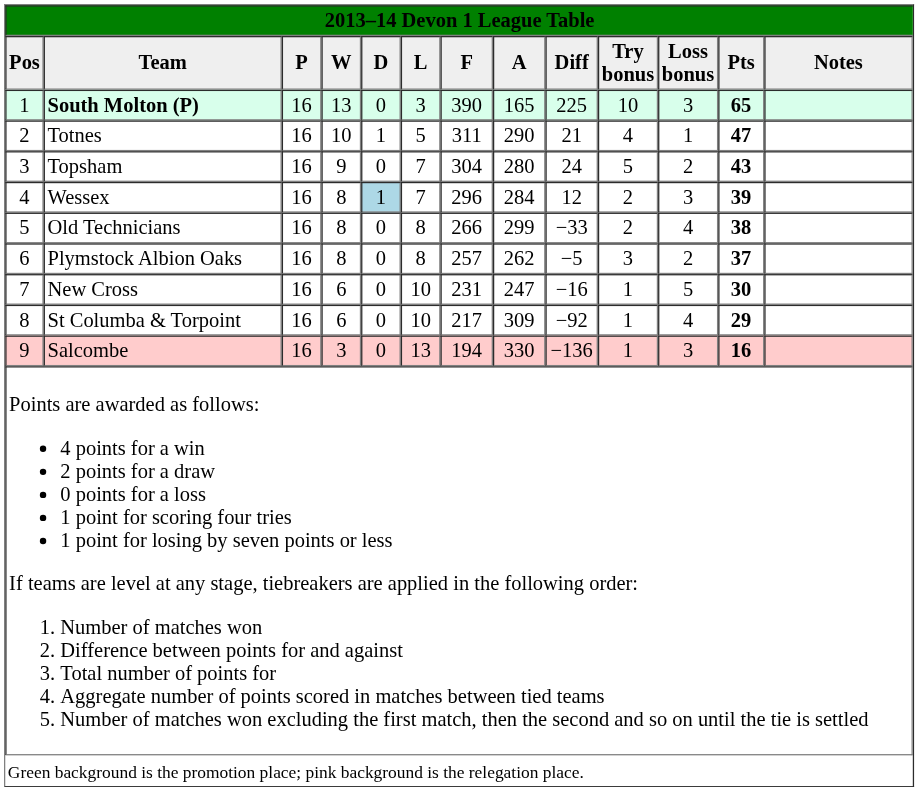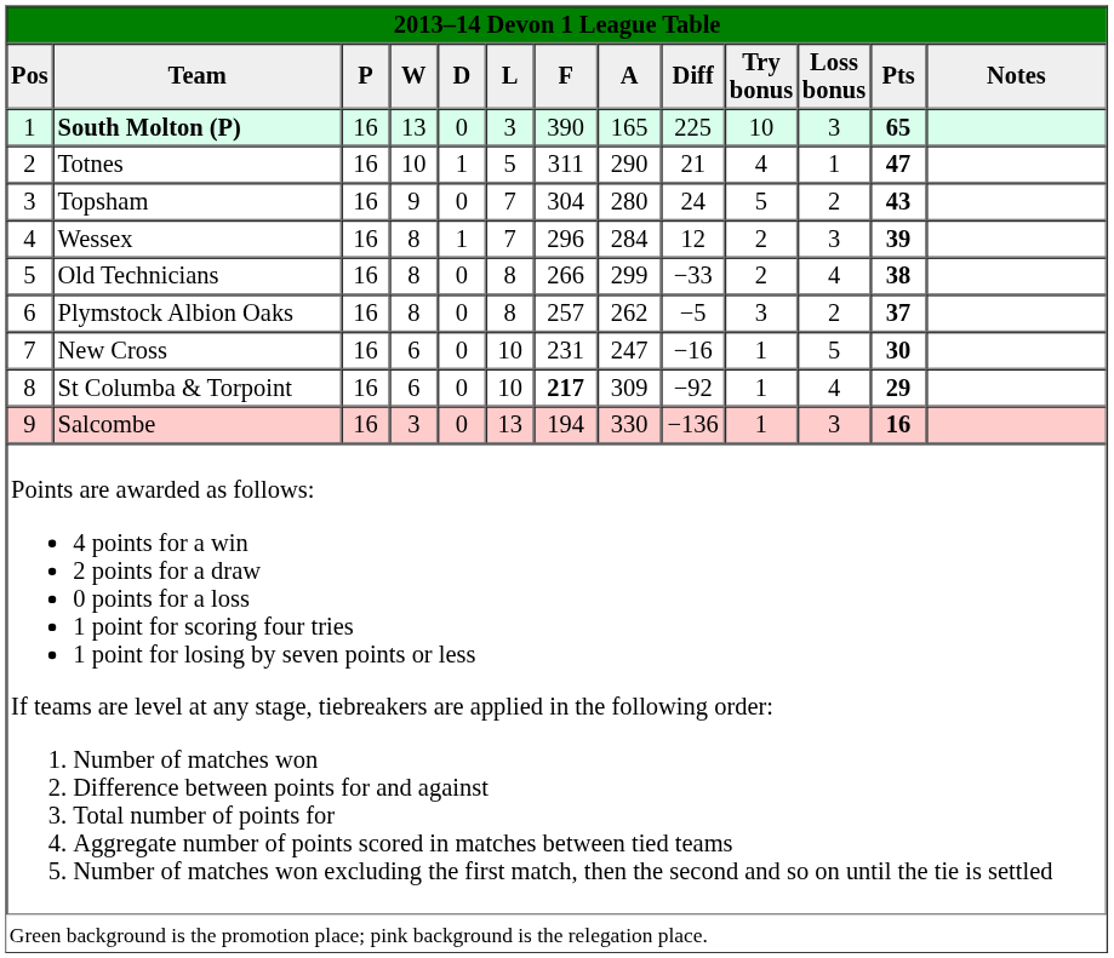 <table border="1" cellpadding="2" cellspacing="0">
 <tr bgcolor="green">
 <th colspan=13 style="border-right:0px;";>2013–14 Devon 1 League Table</th>
 </tr>
 <tr bgcolor="#efefef">
 <th width="20">Pos</th>
 <th width="180">Team</th>
 <th width="25">P</th>
 <th width="25">W</th>
 <th width="25">D</th>
 <th width="25">L</th>
 <th width="35">F</th>
 <th width="35">A</th>
 <th width="35">Diff</th>
 <th width="35">Try bonus</th>
 <th width="35">Loss bonus</th>
 <th width="30">Pts</th>
 <th width="110">Notes</th>
 </tr>
 <tr bgcolor=#d8ffeb align=center>
 <td>1</td>
 <td align=left><strong>South Molton</strong> <strong>(P)</strong></td>
 <td>16</td>
 <td>13</td>
 <td>0</td>
 <td>3</td>
 <td>390</td>
 <td>165</td>
 <td>225</td>
 <td>10</td>
 <td>3</td>
 <td><strong>65</strong></td>
 <td></td>
 </tr>
 <tr align=center>
 <td>2</td>
 <td align=left>Totnes</td>
 <td>16</td>
 <td>10</td>
 <td>1</td>
 <td>5</td>
 <td>311</td>
 <td>290</td>
 <td>21</td>
 <td>4</td>
 <td>1</td>
 <td><strong>47</strong></td>
 <td></td>
 </tr>
 <tr align=center>
 <td>3</td>
 <td align=left>Topsham</td>
 <td>16</td>
 <td>9</td>
 <td>0</td>
 <td>7</td>
 <td>304</td>
 <td>280</td>
 <td>24</td>
 <td>5</td>
 <td>2</td>
 <td><strong>43</strong></td>
 <td></td>
 </tr>
 <tr align=center>
 <td>4</td>
 <td align=left>Wessex</td>
 <td>16</td>
 <td>8</td>
-<td style="background: lightblue;">1</td>
+<td>1</td>
 <td>7</td>
 <td>296</td>
 <td>284</td>
 <td>12</td>
 <td>2</td>
 <td>3</td>
 <td><strong>39</strong></td>
 <td></td>
 </tr>
 <tr align=center>
 <td>5</td>
 <td align=left>Old Technicians</td>
 <td>16</td>
 <td>8</td>
 <td>0</td>
 <td>8</td>
 <td>266</td>
 <td>299</td>
 <td>−33</td>
 <td>2</td>
 <td>4</td>
 <td><strong>38</strong></td>
 <td></td>
 </tr>
 <tr align=center>
 <td>6</td>
 <td align=left>Plymstock Albion Oaks</td>
 <td>16</td>
 <td>8</td>
 <td>0</td>
 <td>8</td>
 <td>257</td>
 <td>262</td>
 <td>−5</td>
 <td>3</td>
 <td>2</td>
 <td><strong>37</strong></td>
 <td></td>
 </tr>
 <tr align=center>
 <td>7</td>
 <td align=left>New Cross</td>
 <td>16</td>
 <td>6</td>
 <td>0</td>
 <td>10</td>
 <td>231</td>
 <td>247</td>
 <td>−16</td>
 <td>1</td>
 <td>5</td>
 <td><strong>30</strong></td>
 <td></td>
 </tr>
 <tr align=center>
 <td>8</td>
 <td align=left>St Columba & Torpoint</td>
 <td>16</td>
 <td>6</td>
 <td>0</td>
 <td>10</td>
-<td>217</td>
+<td><strong>217</strong></td>
 <td>309</td>
 <td>−92</td>
 <td>1</td>
 <td>4</td>
 <td><strong>29</strong></td>
 <td></td>
 </tr>
 <tr bgcolor=#ffcccc align=center>
 <td>9</td>
 <td align=left>Salcombe</td>
 <td>16</td>
 <td>3</td>
 <td>0</td>
 <td>13</td>
 <td>194</td>
 <td>330</td>
 <td>−136</td>
 <td>1</td>
 <td>3</td>
 <td><strong>16</strong></td>
 <td></td>
 </tr>
 <tr align=center>
 </tr>
 <tr bgcolor=#ffffff>
 <td colspan="13"><br>Points are awarded as follows:<ul><li>4 points for a win</li><li>2 points for a draw</li><li>0 points for a loss</li><li>1 point for scoring four tries</li><li>1 point for losing by seven points or less</li></ul>If teams are level at any stage, tiebreakers are applied in the following order:<ol><li>Number of matches won</li><li>Difference between points for and against</li><li>Total number of points for</li><li>Aggregate number of points scored in matches between tied teams</li><li>Number of matches won excluding the first match, then the second and so on until the tie is settled</li></ol></td>
 </tr>
 <tr |align=centre|>
 <td colspan="12" style="border:0px"></td>
 </tr>
 <tr align=centre>
 <td colspan="12" style="border:0px;font-size:85%;" align=centre>Green background is the promotion place; pink background is the relegation place.</td>
 </tr>
 </table>
